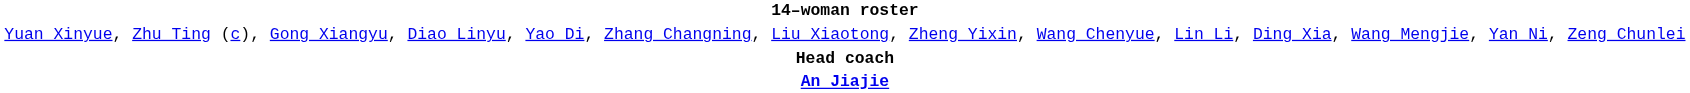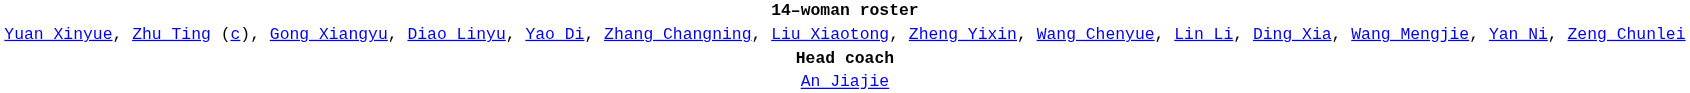 <table style="text-align: center; margin-top: 2em; margin-left: auto; margin-right: auto">
 <tr>
 <td><strong>14–woman roster</strong></td>
 </tr>
 <tr>
 <td><a href='#'>Yuan Xinyue</a>, <a href='#'>Zhu Ting</a> (<a href='#'>c</a>), <a href='#'>Gong Xiangyu</a>, <a href='#'>Diao Linyu</a>, <a href='#'>Yao Di</a>,  <a href='#'>Zhang Changning</a>, <a href='#'>Liu Xiaotong</a>, <a href='#'>Zheng Yixin</a>, <a href='#'>Wang Chenyue</a>, <a href='#'>Lin Li</a>, <a href='#'>Ding Xia</a>, <a href='#'>Wang Mengjie</a>, <a href='#'>Yan Ni</a>, <a href='#'>Zeng Chunlei</a></td>
 </tr>
 <tr>
 <td><strong>Head coach</strong></td>
 </tr>
 <tr>
-<td><strong><a href='#'>An Jiajie</a></strong></td>
+<td><a href='#'>An Jiajie</a></td>
 </tr>
 </table>
